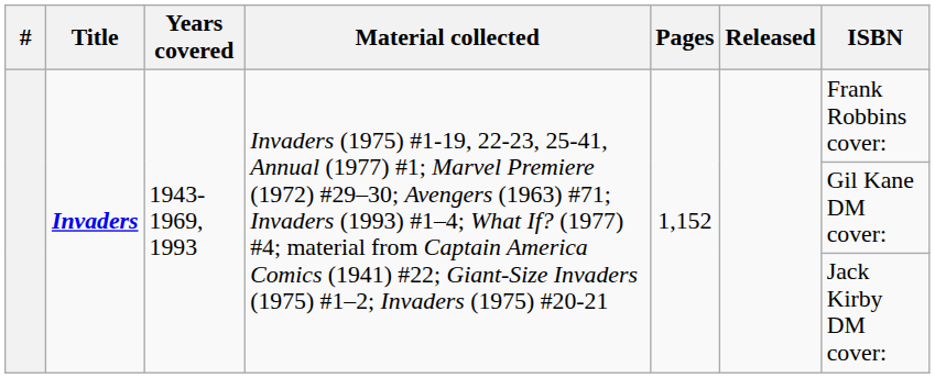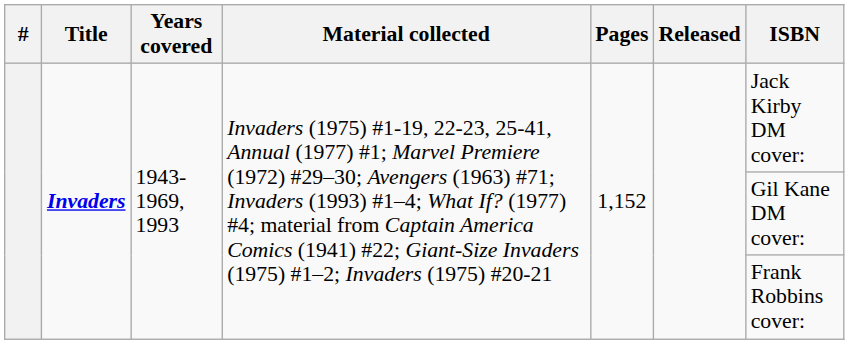 <table class="wikitable sortable" width="99%">
 <tr>
 <th class="unsortable" width="20px">#</th>
 <th>Title</th>
 <th>Years covered</th>
 <th class="unsortable">Material collected</th>
 <th>Pages</th>
 <th>Released</th>
 <th class="unsortable">ISBN</th>
 </tr>
 <tr>
 <th rowspan="3" style="background-color: light grey;"></th>
 <td rowspan="3"><strong><em><a href='#'>Invaders</a></em></strong></td>
 <td rowspan="3"> 1943-1969, 1993</td>
 <td rowspan="3"><em>Invaders</em> (1975) #1-19, 22-23, 25-41, <em>Annual</em> (1977) #1; <em>Marvel Premiere</em> (1972) #29–30; <em>Avengers</em> (1963) #71; <em>Invaders</em> (1993) #1–4; <em>What If?</em> (1977) #4; material from <em>Captain America Comics</em> (1941) #22; <em>Giant-Size Invaders</em> (1975) #1–2; <em>Invaders</em> (1975) #20-21</td>
 <td rowspan="3" style="text-align: center;">1,152</td>
 <td rowspan="3"></td>
-<td>Frank Robbins cover: </td>
+<td>Jack Kirby DM cover: </td>
 </tr>
 <tr>
 <td>Gil Kane DM cover: </td>
 </tr>
 <tr>
-<td>Jack Kirby DM cover: </td>
+<td>Frank Robbins cover: </td>
 </tr>
 </table>
